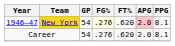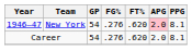 <table class="wikitable sortable" style="font-size:95%; text-align:right;">
 <tr>
 <th>Year</th>
 <th>Team</th>
 <th>GP</th>
 <th>FG%</th>
 <th>FT%</th>
 <th>APG</th>
 <th>PPG</th>
 </tr>
 <tr>
 <td style="text-align:left;"><a href='#'>1946–47</a></td>
-<td style="background: gold; text-align:left;"><a href='#'>New York</a></td>
+<td style="text-align:left;"><a href='#'>New York</a></td>
 <td>54</td>
-<td style="background: lightyellow;">.276</td>
+<td>.276</td>
 <td>.620</td>
 <td style="background: pink;">2.0</td>
 <td>8.1</td>
 </tr>
 <tr>
 <td style="text-align:center;" colspan="2">Career</td>
 <td>54</td>
 <td>.276</td>
 <td>.620</td>
 <td>2.0</td>
 <td>8.1</td>
 </tr>
 <tr>
 </tr>
 </table>
